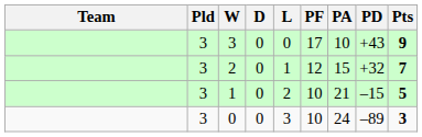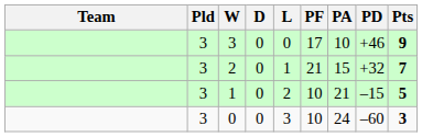 <table class="wikitable" style="text-align:center;">
 <tr>
 <th width=175>Team</th>
 <th width=20 abbr="Played">Pld</th>
 <th width=20 abbr="Won">W</th>
 <th width=20 abbr="Drawn">D</th>
 <th width=20 abbr="Lost">L</th>
 <th width=20 abbr="Points for">PF</th>
 <th width=20 abbr="Points against">PA</th>
 <th width=25 abbr="Points difference">PD</th>
 <th width=20 abbr="Points">Pts</th>
 </tr>
 <tr style="background:#ccffcc">
 <td align=left></td>
 <td>3</td>
 <td>3</td>
 <td>0</td>
 <td>0</td>
 <td>17</td>
 <td>10</td>
-<td>+43</td>
+<td>+46</td>
 <td><strong>9</strong></td>
 </tr>
 <tr style="background:#ccffcc">
 <td align=left></td>
 <td>3</td>
 <td>2</td>
 <td>0</td>
 <td>1</td>
-<td>12</td>
+<td>21</td>
 <td>15</td>
 <td>+32</td>
 <td><strong>7</strong></td>
 </tr>
 <tr style="background:#ccffcc">
 <td align=left></td>
 <td>3</td>
 <td>1</td>
 <td>0</td>
 <td>2</td>
 <td>10</td>
 <td>21</td>
 <td>–15</td>
 <td><strong>5</strong></td>
 </tr>
 <tr>
 <td align=left></td>
 <td>3</td>
 <td>0</td>
 <td>0</td>
 <td>3</td>
 <td>10</td>
 <td>24</td>
-<td>–89</td>
+<td>–60</td>
 <td><strong>3</strong></td>
 </tr>
 </table>
